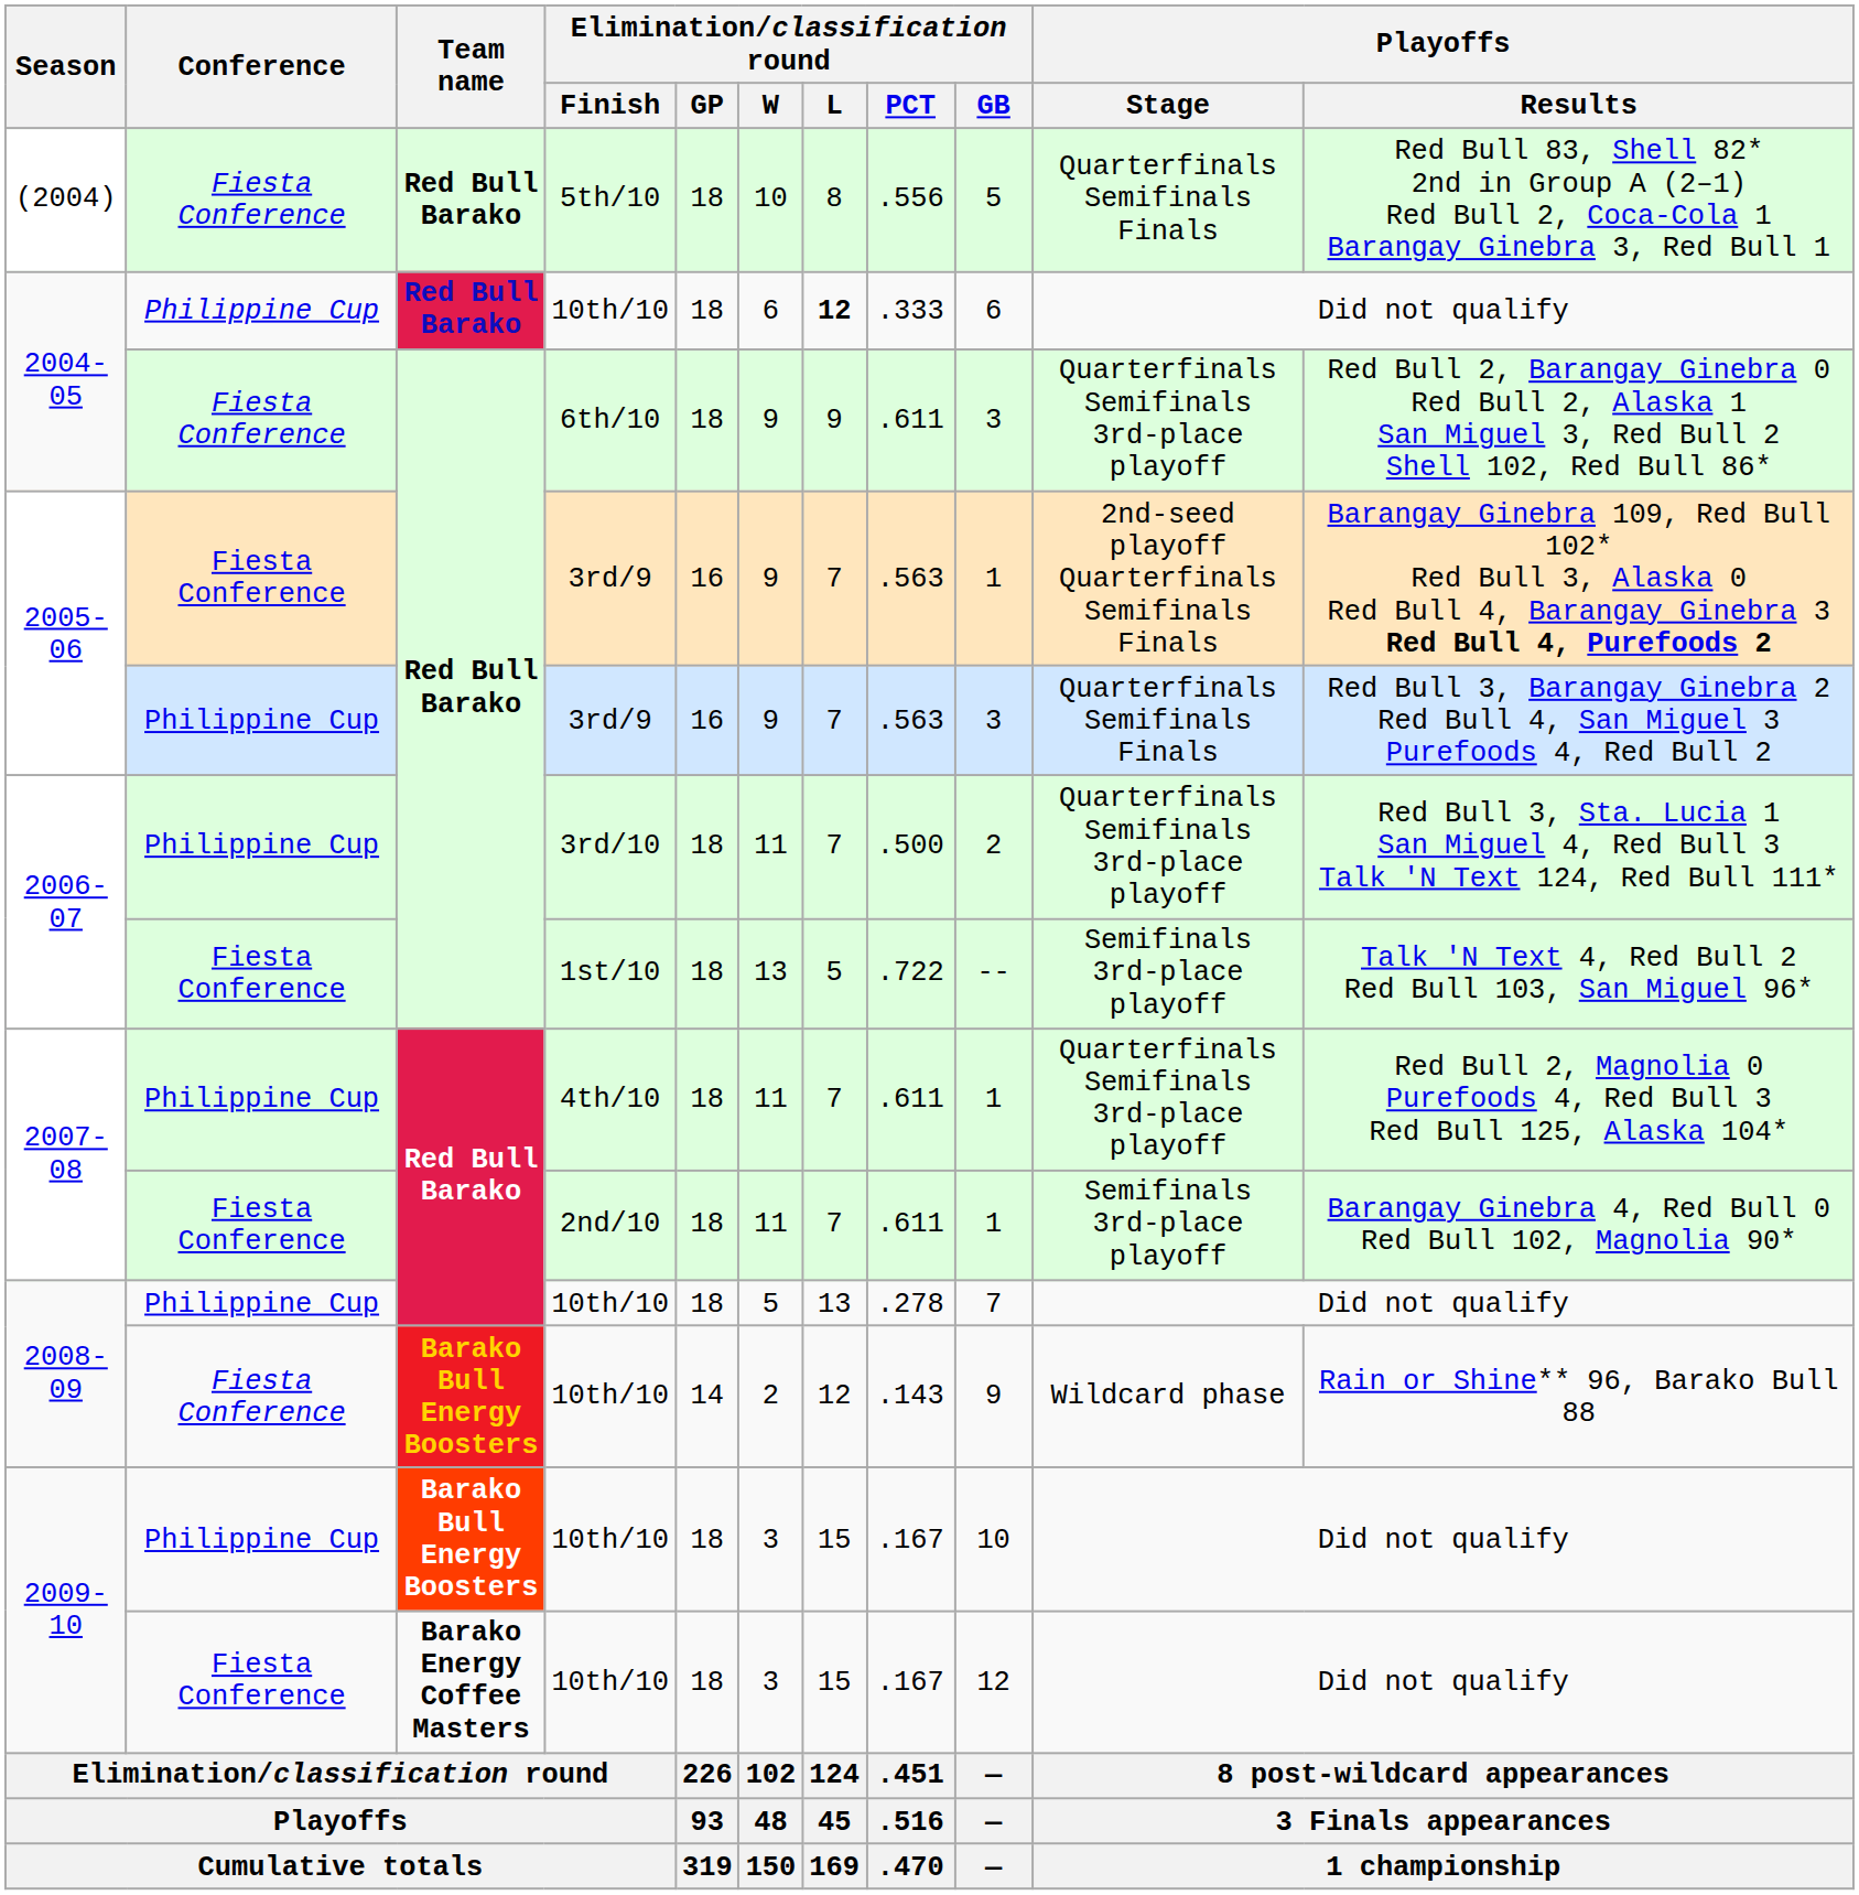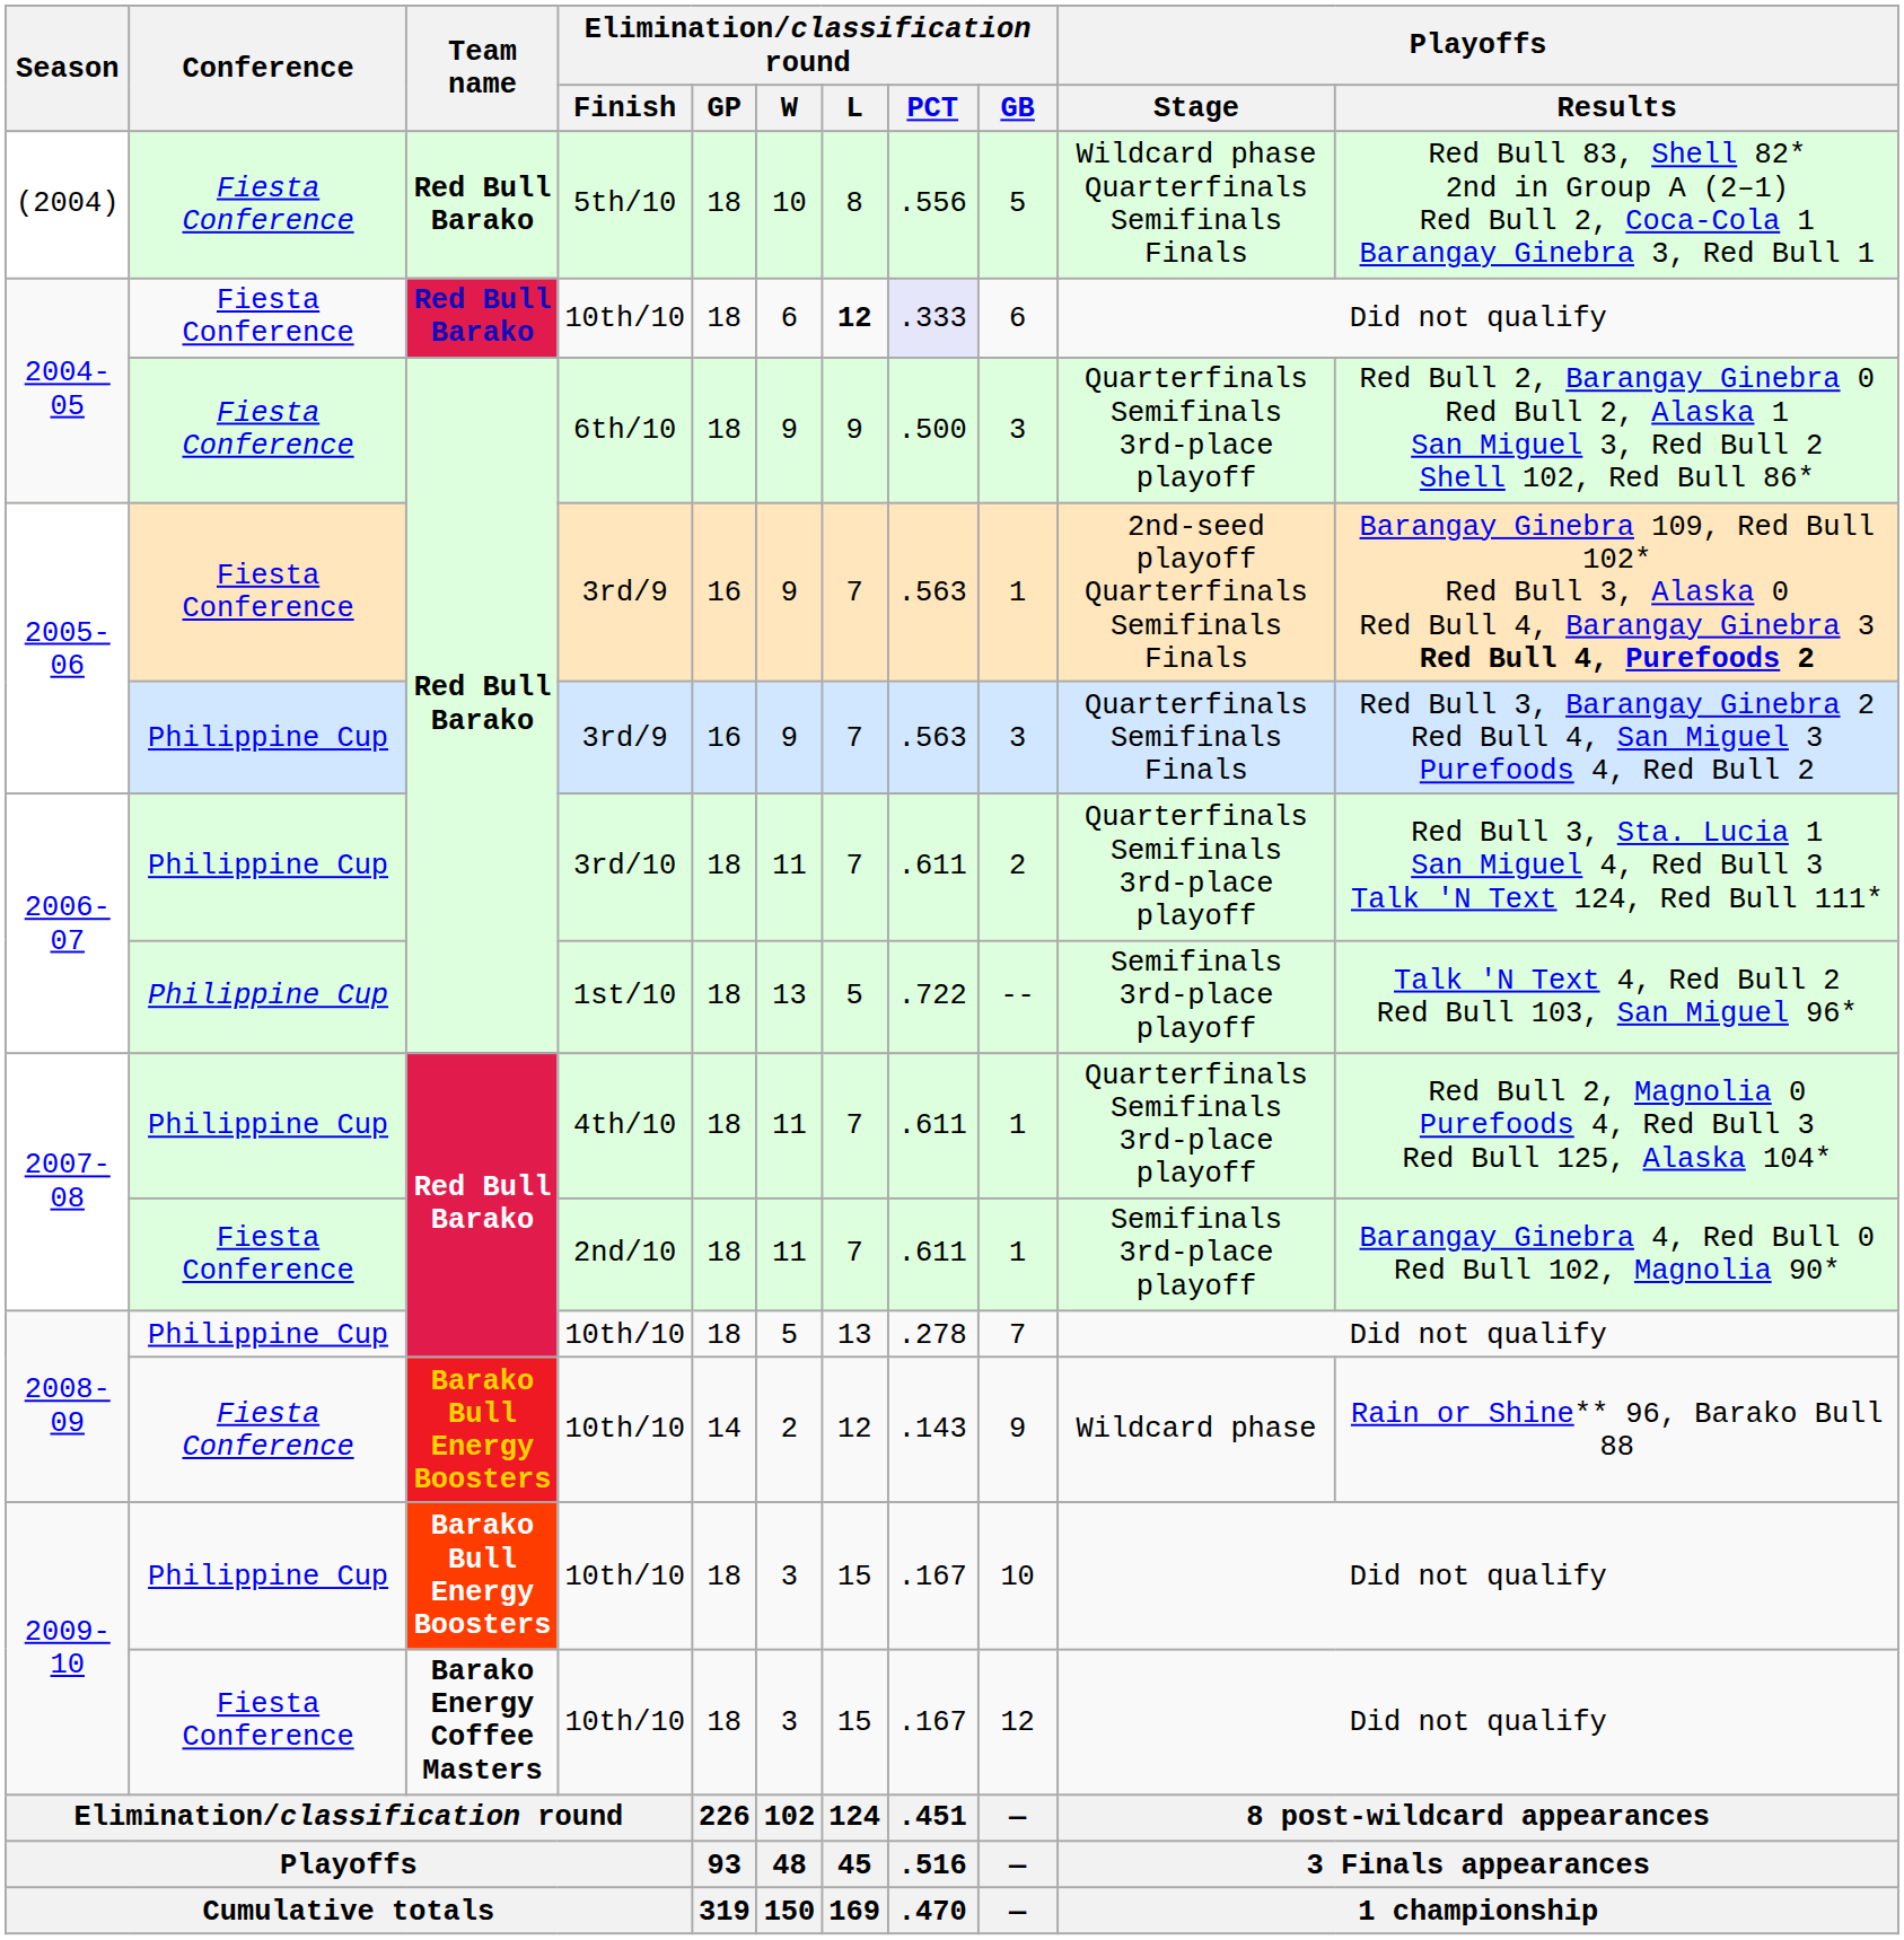 <table class=wikitable style="text-align:center;">
 <tr>
 <th width=50px rowspan=2>Season</th>
 <th width=120px rowspan=2>Conference</th>
 <th width=60px rowspan=2>Team name</th>
 <th colspan=6>Elimination/<em>classification</em> round</th>
 <th colspan=2>Playoffs</th>
 </tr>
 <tr>
 <th width=50px>Finish</th>
 <th width=20px>GP</th>
 <th width=20px>W</th>
 <th width=20px>L</th>
 <th width=35px><a href='#'>PCT</a></th>
 <th width=30px><a href='#'>GB</a></th>
 <th width=120px>Stage</th>
 <th width=250px>Results</th>
 </tr>
 <tr bgcolor=DDFFDD>
 <td bgcolor=white>(2004)</td>
 <td><em><a href='#'>Fiesta Conference</a></em></td>
 <td><strong>Red Bull Barako</strong></td>
 <td>5th/10</td>
 <td>18</td>
 <td>10</td>
 <td>8</td>
 <td>.556</td>
 <td>5</td>
-<td>Quarterfinals<br>Semifinals<br>Finals</td>
+<td>Wildcard phase<br>Quarterfinals<br>Semifinals<br>Finals</td>
 <td>Red Bull 83, <a href='#'>Shell</a> 82*<br>2nd in Group A (2–1)<br>Red Bull 2, <a href='#'>Coca-Cola</a> 1<br><a href='#'>Barangay Ginebra</a> 3, Red Bull 1</td>
 </tr>
 <tr>
 <td rowspan=2><a href='#'>2004-05</a></td>
-<td><em><a href='#'>Philippine Cup</a></em></td>
+<td><a href='#'>Fiesta Conference</a></td>
 <td style="background:#E21B4D; color:#0D0DBF; "><span><strong>Red Bull Barako</strong></span></td>
 <td>10th/10</td>
 <td>18</td>
 <td>6</td>
 <td><strong>12</strong></td>
-<td>.333</td>
+<td style="background: lavender;">.333</td>
 <td>6</td>
 <td colspan=2>Did not qualify</td>
 </tr>
 <tr bgcolor=DDFFDD>
 <td><em><a href='#'>Fiesta Conference</a></em></td>
 <td rowspan=5><strong>Red Bull Barako</strong></td>
 <td>6th/10</td>
 <td>18</td>
 <td>9</td>
 <td>9</td>
-<td>.611</td>
+<td>.500</td>
 <td>3</td>
 <td>Quarterfinals<br>Semifinals<br>3rd-place playoff</td>
 <td>Red Bull 2, <a href='#'>Barangay Ginebra</a> 0<br>Red Bull 2, <a href='#'>Alaska</a> 1<br><a href='#'>San Miguel</a> 3, Red Bull 2<br><a href='#'>Shell</a> 102, Red Bull 86*</td>
 </tr>
 <tr bgcolor=#FFE6BD>
 <td bgcolor=white rowspan=2><a href='#'>2005-06</a></td>
 <td><a href='#'>Fiesta Conference</a></td>
 <td>3rd/9</td>
 <td>16</td>
 <td>9</td>
 <td>7</td>
 <td>.563</td>
 <td>1</td>
 <td>2nd-seed playoff<br>Quarterfinals<br>Semifinals<br>Finals</td>
 <td><a href='#'>Barangay Ginebra</a> 109, Red Bull 102*<br>Red Bull 3, <a href='#'>Alaska</a> 0<br>Red Bull 4, <a href='#'>Barangay Ginebra</a> 3<br><strong>Red Bull 4, <a href='#'>Purefoods</a> 2</strong></td>
 </tr>
 <tr bgcolor=#D0E7FF>
 <td><a href='#'>Philippine Cup</a></td>
 <td>3rd/9</td>
 <td>16</td>
 <td>9</td>
 <td>7</td>
 <td>.563</td>
 <td>3</td>
 <td>Quarterfinals<br>Semifinals<br>Finals</td>
 <td>Red Bull 3, <a href='#'>Barangay Ginebra</a> 2<br>Red Bull 4, <a href='#'>San Miguel</a> 3<br><a href='#'>Purefoods</a> 4, Red Bull 2</td>
 </tr>
 <tr bgcolor=DDFFDD>
 <td bgcolor=white rowspan=2><a href='#'>2006-07</a></td>
 <td><a href='#'>Philippine Cup</a></td>
 <td>3rd/10</td>
 <td>18</td>
 <td>11</td>
 <td>7</td>
-<td>.500</td>
+<td>.611</td>
 <td>2</td>
 <td>Quarterfinals<br>Semifinals<br>3rd-place playoff</td>
 <td>Red Bull 3, <a href='#'>Sta. Lucia</a> 1<br><a href='#'>San Miguel</a> 4, Red Bull 3<br><a href='#'>Talk 'N Text</a> 124, Red Bull 111*</td>
 </tr>
 <tr bgcolor=DDFFDD>
-<td><a href='#'>Fiesta Conference</a></td>
+<td><em><a href='#'>Philippine Cup</a></em></td>
 <td>1st/10</td>
 <td>18</td>
 <td>13</td>
 <td>5</td>
 <td>.722</td>
 <td>--</td>
 <td>Semifinals<br>3rd-place playoff</td>
 <td><a href='#'>Talk 'N Text</a> 4, Red Bull 2<br>Red Bull 103, <a href='#'>San Miguel</a> 96*</td>
 </tr>
 <tr bgcolor=DDFFDD>
 <td bgcolor=white rowspan=2><a href='#'>2007-08</a></td>
 <td><a href='#'>Philippine Cup</a></td>
 <td rowspan=3 style="background:#E21B4D; color:#FFFFFF; "><span><strong>Red Bull Barako</strong></span></td>
 <td>4th/10</td>
 <td>18</td>
 <td>11</td>
 <td>7</td>
 <td>.611</td>
 <td>1</td>
 <td>Quarterfinals<br>Semifinals<br>3rd-place playoff</td>
 <td>Red Bull 2, <a href='#'>Magnolia</a> 0<br><a href='#'>Purefoods</a> 4, Red Bull 3<br>Red Bull 125, <a href='#'>Alaska</a> 104*</td>
 </tr>
 <tr bgcolor=DDFFDD>
 <td><a href='#'>Fiesta Conference</a></td>
 <td>2nd/10</td>
 <td>18</td>
 <td>11</td>
 <td>7</td>
 <td>.611</td>
 <td>1</td>
 <td>Semifinals<br>3rd-place playoff</td>
 <td><a href='#'>Barangay Ginebra</a> 4, Red Bull 0<br>Red Bull 102, <a href='#'>Magnolia</a> 90*</td>
 </tr>
 <tr>
 <td rowspan=2><a href='#'>2008-09</a></td>
 <td><a href='#'>Philippine Cup</a></td>
 <td>10th/10</td>
 <td>18</td>
 <td>5</td>
 <td>13</td>
 <td>.278</td>
 <td>7</td>
 <td colspan=2>Did not qualify</td>
 </tr>
 <tr>
 <td><em><a href='#'>Fiesta Conference</a></em></td>
 <td style="background:#EF1923; color:#FFD300; "><span><strong>Barako Bull Energy Boosters</strong></span></td>
 <td>10th/10</td>
 <td>14</td>
 <td>2</td>
 <td>12</td>
 <td>.143</td>
 <td>9</td>
 <td>Wildcard phase</td>
 <td><a href='#'>Rain or Shine</a>** 96, Barako Bull 88</td>
 </tr>
 <tr>
 <td rowspan=2><a href='#'>2009-10</a></td>
 <td><a href='#'>Philippine Cup</a></td>
 <td style="background:#FF3C00; color:#FFFFFF; "><span><strong>Barako Bull Energy Boosters</strong></span></td>
 <td>10th/10</td>
 <td>18</td>
 <td>3</td>
 <td>15</td>
 <td>.167</td>
 <td>10</td>
 <td colspan=2>Did not qualify</td>
 </tr>
 <tr>
 <td><a href='#'>Fiesta Conference</a></td>
 <td><strong>Barako Energy Coffee Masters</strong></td>
 <td>10th/10</td>
 <td>18</td>
 <td>3</td>
 <td>15</td>
 <td>.167</td>
 <td>12</td>
 <td colspan=2>Did not qualify</td>
 </tr>
 <tr>
 <th colspan=4>Elimination/<em>classification</em> round</th>
 <th>226</th>
 <th>102</th>
 <th>124</th>
 <th>.451</th>
 <th>—</th>
 <th colspan=2>8 post-wildcard appearances</th>
 </tr>
 <tr>
 <th colspan=4>Playoffs</th>
 <th>93</th>
 <th>48</th>
 <th>45</th>
 <th>.516</th>
 <th>—</th>
 <th colspan=2>3 Finals appearances</th>
 </tr>
 <tr>
 <th colspan=4>Cumulative totals</th>
 <th>319</th>
 <th>150</th>
 <th>169</th>
 <th>.470</th>
 <th>—</th>
 <th colspan=2>1 championship</th>
 </tr>
 </table>
